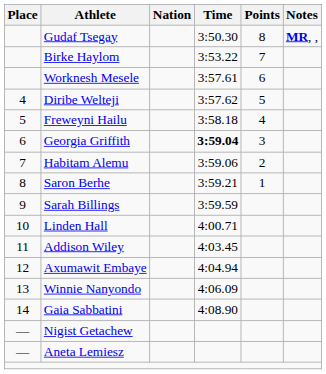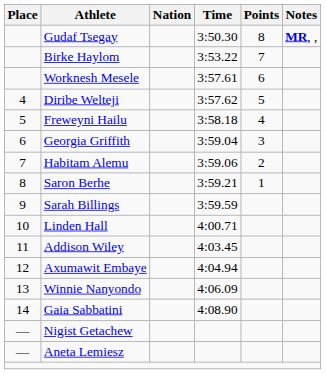 <table class="wikitable mw-datatable sortable" style="text-align:center;">
 <tr>
 <th scope="col">Place</th>
 <th scope="col">Athlete</th>
 <th scope="col">Nation</th>
 <th scope="col">Time</th>
 <th scope="col">Points</th>
 <th scope="col">Notes</th>
 </tr>
 <tr>
 <td></td>
 <td align="left"><a href='#'>Gudaf Tsegay</a></td>
 <td align="left"></td>
 <td>3:50.30</td>
 <td>8</td>
 <td><strong><a href='#'>MR</a></strong>, , </td>
 </tr>
 <tr>
 <td></td>
 <td align="left"><a href='#'>Birke Haylom</a></td>
 <td align="left"></td>
 <td>3:53.22</td>
 <td>7</td>
 <td></td>
 </tr>
 <tr>
 <td></td>
 <td align="left"><a href='#'>Worknesh Mesele</a></td>
 <td align="left"></td>
 <td>3:57.61</td>
 <td>6</td>
 <td></td>
 </tr>
 <tr>
 <td>4</td>
 <td align="left"><a href='#'>Diribe Welteji</a></td>
 <td align="left"></td>
 <td>3:57.62</td>
 <td>5</td>
 <td></td>
 </tr>
 <tr>
 <td>5</td>
 <td align="left"><a href='#'>Freweyni Hailu</a></td>
 <td align="left"></td>
 <td>3:58.18</td>
 <td>4</td>
 <td></td>
 </tr>
 <tr>
 <td>6</td>
 <td align="left"><a href='#'>Georgia Griffith</a></td>
 <td align="left"></td>
-<td><strong>3:59.04</strong></td>
+<td>3:59.04</td>
 <td>3</td>
 <td></td>
 </tr>
 <tr>
 <td>7</td>
 <td align="left"><a href='#'>Habitam Alemu</a></td>
 <td align="left"></td>
 <td>3:59.06</td>
 <td>2</td>
 <td></td>
 </tr>
 <tr>
 <td>8</td>
 <td align="left"><a href='#'>Saron Berhe</a></td>
 <td align="left"></td>
 <td>3:59.21</td>
 <td>1</td>
 <td></td>
 </tr>
 <tr>
 <td>9</td>
 <td align="left"><a href='#'>Sarah Billings</a></td>
 <td align="left"></td>
 <td>3:59.59</td>
 <td></td>
 <td></td>
 </tr>
 <tr>
 <td>10</td>
 <td align="left"><a href='#'>Linden Hall</a></td>
 <td align="left"></td>
 <td>4:00.71</td>
 <td></td>
 <td></td>
 </tr>
 <tr>
 <td>11</td>
 <td align="left"><a href='#'>Addison Wiley</a></td>
 <td align="left"></td>
 <td>4:03.45</td>
 <td></td>
 <td></td>
 </tr>
 <tr>
 <td>12</td>
 <td align="left"><a href='#'>Axumawit Embaye</a></td>
 <td align="left"></td>
 <td>4:04.94</td>
 <td></td>
 <td></td>
 </tr>
 <tr>
 <td>13</td>
 <td align="left"><a href='#'>Winnie Nanyondo</a></td>
 <td align="left"></td>
 <td>4:06.09</td>
 <td></td>
 <td></td>
 </tr>
 <tr>
 <td>14</td>
 <td align="left"><a href='#'>Gaia Sabbatini</a></td>
 <td align="left"></td>
 <td>4:08.90</td>
 <td></td>
 <td></td>
 </tr>
 <tr>
 <td>—</td>
 <td align="left"><a href='#'>Nigist Getachew</a></td>
 <td align="left"></td>
 <td></td>
 <td></td>
 <td></td>
 </tr>
 <tr>
 <td>—</td>
 <td align="left"><a href='#'>Aneta Lemiesz</a></td>
 <td align="left"></td>
 <td></td>
 <td></td>
 <td></td>
 </tr>
 <tr class="sortbottom">
 <td colspan="6"></td>
 </tr>
 </table>
